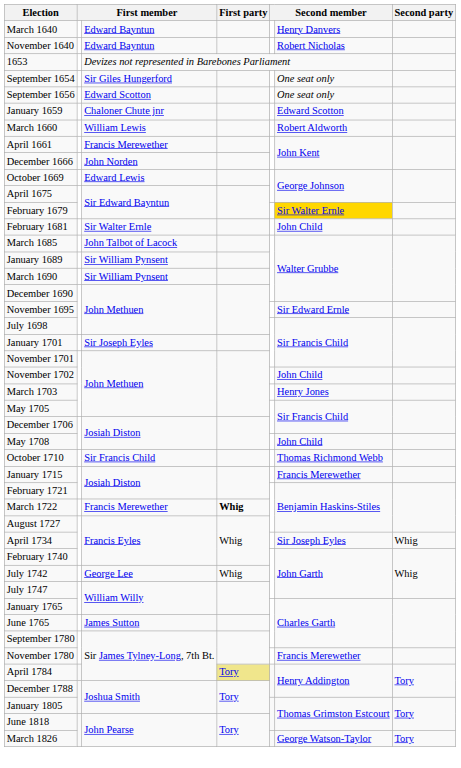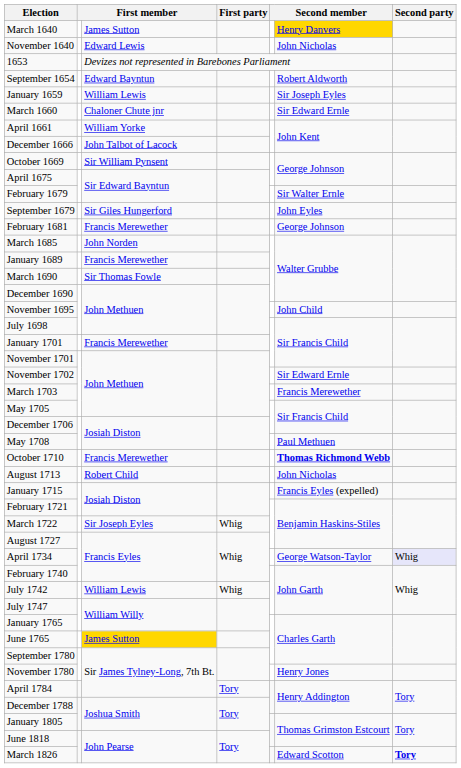 <table class="wikitable">
 <tr>
 <th>Election</th>
 <th colspan="2">First member</th>
 <th>First party</th>
 <th colspan="2">Second member</th>
 <th>Second party</th>
 </tr>
 <tr>
 <td>March 1640</td>
 <td style="color:inherit;background-color: white"></td>
-<td><a href='#'>Edward Bayntun</a> </td>
+<td><a href='#'>James Sutton</a> 	</td>
 <td></td>
 <td style="color:inherit;background-color: white"></td>
-<td><a href='#'>Henry Danvers</a></td>
+<td style="background: gold;"><a href='#'>Henry Danvers</a></td>
 <td></td>
 </tr>
 <tr>
 <td>November 1640</td>
 <td style="color:inherit;background-color: white"></td>
-<td><a href='#'>Edward Bayntun</a> </td>
+<td><a href='#'>Edward Lewis</a> 	</td>
 <td></td>
 <td style="color:inherit;background-color: white"></td>
-<td><a href='#'>Robert Nicholas</a></td>
+<td><a href='#'>John Nicholas</a> 	</td>
 <td></td>
 </tr>
 <tr>
 <td>1653</td>
 <td style="color:inherit;background-color: white"></td>
 <td colspan= "4"><em>Devizes not represented in Barebones Parliament</em></td>
 </tr>
 <tr>
 <td>September 1654</td>
 <td style="color:inherit;background-color: white"></td>
-<td><a href='#'>Sir Giles Hungerford</a> 	</td>
-<td></td>
-<td style="color:inherit;background-color: white"></td>
-<td><em>One seat only</em></td>
-<td></td>
-</tr>
-<tr>
-<td>September 1656</td>
-<td style="color:inherit;background-color: white"></td>
-<td><a href='#'>Edward Scotton</a></td>
-<td></td>
-<td style="color:inherit;background-color: white"></td>
-<td><em>One seat only</em></td>
-<td></td>
-</tr>
-<tr>
-<td>January 1659</td>
-<td style="color:inherit;background-color: white"></td>
-<td><a href='#'>Chaloner Chute jnr</a></td>
-<td></td>
-<td style="color:inherit;background-color: white"></td>
-<td><a href='#'>Edward Scotton</a></td>
-<td></td>
-</tr>
-<tr>
-<td>March 1660</td>
-<td style="color:inherit;background-color: white"></td>
-<td><a href='#'>William Lewis</a></td>
+<td><a href='#'>Edward Bayntun</a> </td>
 <td></td>
 <td style="color:inherit;background-color: white"></td>
 <td><a href='#'>Robert Aldworth</a> 	</td>
 <td></td>
 </tr>
 <tr>
+<td>January 1659</td>
+<td style="color:inherit;background-color: white"></td>
+<td><a href='#'>William Lewis</a></td>
+<td></td>
+<td style="color:inherit;background-color: white"></td>
+<td><a href='#'>Sir Joseph Eyles</a> 	</td>
+<td></td>
+</tr>
+<tr>
+<td>March 1660</td>
+<td style="color:inherit;background-color: white"></td>
+<td><a href='#'>Chaloner Chute jnr</a></td>
+<td></td>
+<td style="color:inherit;background-color: white"></td>
+<td><a href='#'>Sir Edward Ernle</a> 	</td>
+<td></td>
+</tr>
+<tr>
 <td>April 1661</td>
 <td style="color:inherit;background-color: white"></td>
-<td><a href='#'>Francis Merewether</a> 	</td>
+<td><a href='#'>William Yorke</a> 	</td>
 <td></td>
 <td rowspan="2" style="color:inherit;background-color: white"></td>
 <td rowspan="2"><a href='#'>John Kent</a> 	</td>
 <td rowspan="2"></td>
 </tr>
 <tr>
 <td>December 1666</td>
 <td style="color:inherit;background-color: white"></td>
-<td><a href='#'>John Norden</a> 	</td>
+<td><a href='#'>John Talbot of Lacock</a> 	</td>
 <td></td>
 </tr>
 <tr>
 <td>October 1669</td>
 <td style="color:inherit;background-color: white"></td>
-<td><a href='#'>Edward Lewis</a> 	</td>
+<td><a href='#'>Sir William Pynsent</a> 	</td>
 <td></td>
 <td rowspan="2" style="color:inherit;background-color: white"></td>
 <td rowspan="2"><a href='#'>George Johnson</a> 	</td>
 <td rowspan="2"></td>
 </tr>
 <tr>
 <td>April 1675</td>
 <td rowspan="2" style="color:inherit;background-color: white"></td>
 <td rowspan="2"><a href='#'>Sir Edward Bayntun</a> 	</td>
 <td rowspan="2"></td>
 </tr>
 <tr>
 <td>February 1679</td>
 <td style="color:inherit;background-color: white"></td>
-<td style="background: gold;"><a href='#'>Sir Walter Ernle</a> 	</td>
+<td><a href='#'>Sir Walter Ernle</a> 	</td>
+<td></td>
+</tr>
+<tr>
+<td>September 1679</td>
+<td style="color:inherit;background-color: white"></td>
+<td><a href='#'>Sir Giles Hungerford</a> 	</td>
+<td></td>
+<td style="color:inherit;background-color: white"></td>
+<td><a href='#'>John Eyles</a> 	</td>
 <td></td>
 </tr>
 <tr>
 <td>February 1681</td>
 <td style="color:inherit;background-color: white"></td>
-<td><a href='#'>Sir Walter Ernle</a> 	</td>
+<td><a href='#'>Francis Merewether</a> 	</td>
 <td></td>
 <td style="color:inherit;background-color: white"></td>
-<td><a href='#'>John Child</a> 	</td>
+<td><a href='#'>George Johnson</a> 	</td>
 <td></td>
 </tr>
 <tr>
 <td>March 1685</td>
 <td style="color:inherit;background-color: white"></td>
-<td><a href='#'>John Talbot of Lacock</a> 	</td>
+<td><a href='#'>John Norden</a> 	</td>
 <td></td>
 <td rowspan="4" style="color:inherit;background-color: white"></td>
 <td rowspan="4"><a href='#'>Walter Grubbe</a> 	</td>
 <td rowspan="4"></td>
 </tr>
 <tr>
 <td>January 1689</td>
 <td style="color:inherit;background-color: white"></td>
-<td><a href='#'>Sir William Pynsent</a> 	</td>
+<td><a href='#'>Francis Merewether</a> 	</td>
 <td></td>
 </tr>
 <tr>
 <td>March 1690</td>
 <td style="color:inherit;background-color: white"></td>
-<td><a href='#'>Sir William Pynsent</a> 	</td>
+<td><a href='#'>Sir Thomas Fowle</a> 	</td>
 <td></td>
 </tr>
 <tr>
 <td>December 1690</td>
 <td rowspan="3" style="color:inherit;background-color: white"></td>
 <td rowspan="3"><a href='#'>John Methuen</a> 	</td>
 <td rowspan="3"></td>
 </tr>
 <tr>
 <td>November 1695</td>
 <td style="color:inherit;background-color: white"></td>
-<td><a href='#'>Sir Edward Ernle</a> 	</td>
+<td><a href='#'>John Child</a> 	</td>
 <td></td>
 </tr>
 <tr>
 <td>July 1698</td>
 <td rowspan="3" style="color:inherit;background-color: white"></td>
 <td rowspan="3"><a href='#'>Sir Francis Child</a> 	</td>
 <td rowspan="3"></td>
 </tr>
 <tr>
 <td>January 1701</td>
 <td style="color:inherit;background-color: white"></td>
-<td><a href='#'>Sir Joseph Eyles</a> 	</td>
+<td><a href='#'>Francis Merewether</a> 	</td>
 <td></td>
 </tr>
 <tr>
 <td>November 1701</td>
 <td rowspan="4" style="color:inherit;background-color: white"></td>
 <td rowspan="4"><a href='#'>John Methuen</a> 	</td>
 <td rowspan="4"></td>
 </tr>
 <tr>
 <td>November 1702</td>
 <td style="color:inherit;background-color: white"></td>
-<td><a href='#'>John Child</a> 	</td>
+<td><a href='#'>Sir Edward Ernle</a> 	</td>
 <td></td>
 </tr>
 <tr>
 <td>March 1703</td>
 <td style="color:inherit;background-color: white"></td>
-<td><a href='#'>Henry Jones</a> 	</td>
+<td><a href='#'>Francis Merewether</a> 	</td>
 <td></td>
 </tr>
 <tr>
 <td>May 1705</td>
 <td rowspan="2" style="color:inherit;background-color: white"></td>
 <td rowspan="2"><a href='#'>Sir Francis Child</a> 	</td>
 <td rowspan="2"></td>
 </tr>
 <tr>
 <td>December 1706</td>
 <td rowspan="2" style="color:inherit;background-color: white"></td>
 <td rowspan="2"><a href='#'>Josiah Diston</a> 	</td>
 <td rowspan="2"></td>
 </tr>
 <tr>
 <td>May 1708</td>
 <td style="color:inherit;background-color: white"></td>
-<td><a href='#'>John Child</a> 	</td>
+<td><a href='#'>Paul Methuen</a> 	</td>
 <td></td>
 </tr>
 <tr>
 <td>October 1710</td>
 <td style="color:inherit;background-color: white"></td>
-<td><a href='#'>Sir Francis Child</a> 	</td>
+<td><a href='#'>Francis Merewether</a> 	</td>
 <td></td>
 <td style="color:inherit;background-color: white"></td>
-<td><a href='#'>Thomas Richmond Webb</a> 	</td>
+<td><strong><a href='#'>Thomas Richmond Webb</a> 	</strong></td>
+<td></td>
+</tr>
+<tr>
+<td>August 1713</td>
+<td style="color:inherit;background-color: white"></td>
+<td><a href='#'>Robert Child</a> 	</td>
+<td></td>
+<td style="color:inherit;background-color: white"></td>
+<td><a href='#'>John Nicholas</a> 	</td>
 <td></td>
 </tr>
 <tr>
 <td>January 1715</td>
 <td rowspan="2" style="color:inherit;background-color: white"></td>
 <td rowspan="2"><a href='#'>Josiah Diston</a> 	</td>
 <td rowspan="2"></td>
 <td style="color:inherit;background-color: white"></td>
-<td><a href='#'>Francis Merewether</a> 	</td>
+<td><a href='#'>Francis Eyles</a>	(expelled)	</td>
 <td></td>
 </tr>
 <tr>
 <td>February 1721</td>
 <td rowspan="3" style="color:inherit;background-color: white"></td>
 <td rowspan="3"><a href='#'>Benjamin Haskins-Stiles</a> 	</td>
 <td rowspan="3"></td>
 </tr>
 <tr>
 <td>March 1722</td>
 <td style="color:inherit;background-color: white"></td>
-<td><a href='#'>Francis Merewether</a> 	</td>
-<td><strong>Whig</strong></td>
+<td><a href='#'>Sir Joseph Eyles</a> 	</td>
+<td>Whig</td>
 </tr>
 <tr>
 <td>August 1727</td>
 <td rowspan="3" style="color:inherit;background-color: white"></td>
 <td rowspan="3"><a href='#'>Francis Eyles</a> 	</td>
 <td rowspan="3">Whig</td>
 </tr>
 <tr>
 <td>April 1734</td>
 <td style="color:inherit;background-color: white"></td>
-<td><a href='#'>Sir Joseph Eyles</a> 	</td>
-<td>Whig</td>
+<td><a href='#'>George Watson-Taylor</a> 	</td>
+<td style="background: lavender;">Whig</td>
 </tr>
 <tr>
 <td>February 1740</td>
 <td rowspan="3" style="color:inherit;background-color: white"></td>
 <td rowspan="3"><a href='#'>John Garth</a> 	</td>
 <td rowspan="3">Whig</td>
 </tr>
 <tr>
 <td>July 1742</td>
 <td style="color:inherit;background-color: white"></td>
-<td><a href='#'>George Lee</a> 	</td>
+<td><a href='#'>William Lewis</a></td>
 <td>Whig</td>
 </tr>
 <tr>
 <td>July 1747</td>
 <td rowspan="2" style="color:inherit;background-color: white"></td>
 <td rowspan="2"><a href='#'>William Willy</a> 	</td>
 <td rowspan="2"></td>
 </tr>
 <tr>
 <td>January 1765</td>
 <td rowspan="3" style="color:inherit;background-color: white"></td>
 <td rowspan="3"><a href='#'>Charles Garth</a> 	</td>
 <td rowspan="3"></td>
 </tr>
 <tr>
 <td>June 1765</td>
 <td style="color:inherit;background-color: white"></td>
-<td><a href='#'>James Sutton</a> 	</td>
+<td style="background: gold;"><a href='#'>James Sutton</a> 	</td>
 <td></td>
 </tr>
 <tr>
 <td>September 1780</td>
 <td rowspan="2" style="color:inherit;background-color: white"></td>
 <td rowspan="3">Sir <a href='#'>James Tylney-Long</a>, 7th Bt. 	</td>
 <td rowspan="2"></td>
 </tr>
 <tr>
 <td>November 1780</td>
 <td style="color:inherit;background-color: white"></td>
-<td><a href='#'>Francis Merewether</a> 	</td>
+<td><a href='#'>Henry Jones</a> 	</td>
 <td></td>
 </tr>
 <tr>
 <td>April 1784</td>
 <td style="color:inherit;background-color: "></td>
-<td style="background: khaki;"><a href='#'>Tory</a></td>
+<td><a href='#'>Tory</a></td>
 <td rowspan="2" style="color:inherit;background-color: "></td>
 <td rowspan="2"><a href='#'>Henry Addington</a> 	</td>
 <td rowspan="2"><a href='#'>Tory</a></td>
 </tr>
 <tr>
 <td>December 1788</td>
 <td rowspan="2" style="color:inherit;background-color: "></td>
 <td rowspan="2"><a href='#'>Joshua Smith</a> 	</td>
 <td rowspan="2"><a href='#'>Tory</a></td>
 </tr>
 <tr>
 <td>January 1805</td>
 <td rowspan="2" style="color:inherit;background-color: "></td>
 <td rowspan="2"><a href='#'>Thomas Grimston Estcourt</a> 	</td>
 <td rowspan="2"><a href='#'>Tory</a></td>
 </tr>
 <tr>
 <td>June 1818</td>
 <td rowspan="2" style="color:inherit;background-color: "></td>
 <td rowspan="2"><a href='#'>John Pearse</a> 	</td>
 <td rowspan="2"><a href='#'>Tory</a></td>
 </tr>
 <tr>
 <td>March 1826</td>
 <td style="color:inherit;background-color: "></td>
-<td><a href='#'>George Watson-Taylor</a> 	</td>
-<td><a href='#'>Tory</a></td>
+<td><a href='#'>Edward Scotton</a></td>
+<td><strong><a href='#'>Tory</a></strong></td>
 </tr>
 </table>
